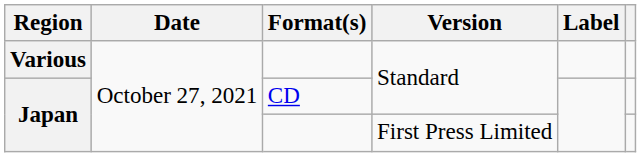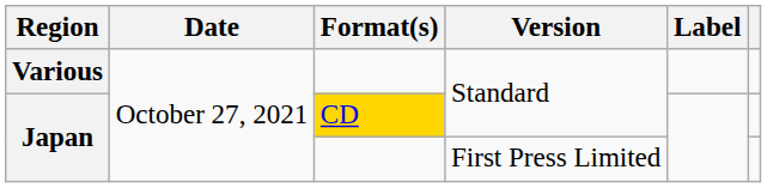 <table class="wikitable plainrowheaders">
 <tr>
 <th scope="col">Region</th>
 <th scope="col">Date</th>
 <th scope="col">Format(s)</th>
 <th>Version</th>
 <th scope="col">Label</th>
 <th scope="col"></th>
 </tr>
 <tr>
 <th scope="row">Various</th>
 <td rowspan="3">October 27, 2021</td>
 <td></td>
 <td rowspan="2">Standard</td>
 <td></td>
 <td align="center"></td>
 </tr>
 <tr>
 <th rowspan="2" scope="row">Japan</th>
-<td><a href='#'>CD</a></td>
+<td style="background: gold;"><a href='#'>CD</a></td>
 <td rowspan="2"></td>
 <td align="center"></td>
 </tr>
 <tr>
 <td></td>
 <td>First Press Limited</td>
 <td align="center"></td>
 </tr>
 </table>
